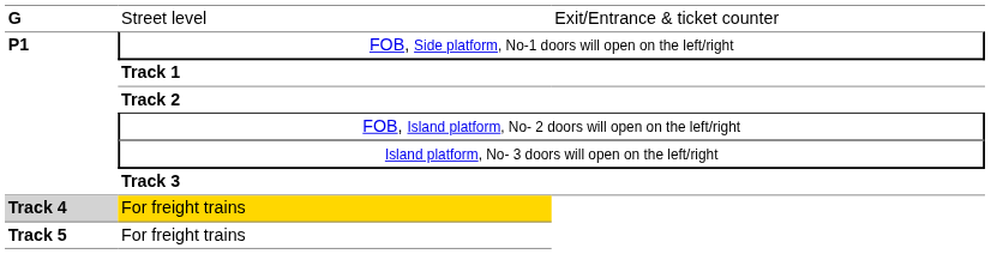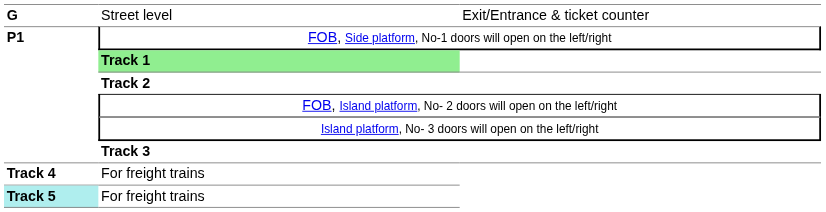 <table table border=0 cellspacing=0 cellpadding=3>
 <tr>
 <td style="border-top:solid 1px gray;" width=50 valign=top><strong>G</strong></td>
 <td style="border-top:solid 1px gray;" width=100 valign=top>Street level</td>
 <td style="border-top:solid 1px gray;" width=400 valign=top>Exit/Entrance & ticket counter</td>
 </tr>
 <tr>
 <td style="border-top:solid 1px gray;border-bottom:solid 1px gray;" width=50 rowspan=6 valign=top><strong>P1</strong></td>
 <td style="border-top:solid 1px gray;border-right:solid 2px black;border-left:solid 2px black;border-bottom:solid 2px black;text-align:center;" colspan=2><a href='#'>FOB</a>, <small><a href='#'>Side platform</a>, No-1 doors will open on the left/right</small></td>
 </tr>
 <tr>
-<td style="border-bottom:solid 1px gray;" width=100><strong>Track 1</strong></td>
+<td style="background: lightgreen; border-bottom:solid 1px gray;" width=100><strong>Track 1</strong></td>
 <td style="border-bottom:solid 1px gray;" width=400></td>
 </tr>
 <tr>
 <td><strong>Track 2</strong></td>
 <td></td>
 </tr>
 <tr>
 <td style="border-top:solid 1px black;border-right:solid 2px black;border-left:solid 2px black;border-bottom:solid 1px gray;text-align:center;" colspan=2><a href='#'>FOB</a>, <small><a href='#'>Island platform</a>, No- 2 doors will open on the left/right</small></td>
 </tr>
 <tr>
 <td style="border-top:solid 1px gray;border-right:solid 2px black;border-left:solid 2px black;border-bottom:solid 2px black;text-align:center;" colspan=2><small><a href='#'>Island platform</a>, No- 3 doors will open on the left/right</small></td>
 </tr>
 <tr>
 <td style="border-bottom:solid 1px gray;" width=100><strong>Track 3</strong></td>
 <td style="border-bottom:solid 1px gray;" width=400></td>
 </tr>
 <tr>
-<td style="background: lightgrey; border-bottom:solid 1px gray;" width=100><strong>Track 4</strong></td>
-<td style="background: gold; border-bottom:solid 1px gray;" width=400>For freight trains</td>
+<td style="border-bottom:solid 1px gray;" width=100><strong>Track 4</strong></td>
+<td style="border-bottom:solid 1px gray;" width=400>For freight trains</td>
 </tr>
 <tr>
-<td style="border-bottom:solid 1px gray;" width=100><strong>Track 5</strong></td>
+<td style="background: paleturquoise; border-bottom:solid 1px gray;" width=100><strong>Track 5</strong></td>
 <td style="border-bottom:solid 1px gray;" width=400>For freight trains</td>
 </tr>
 </table>
